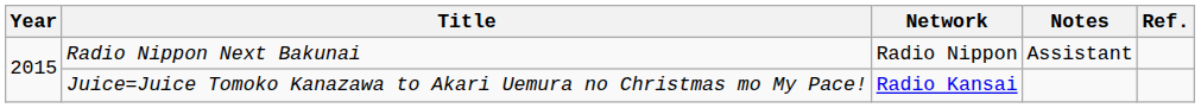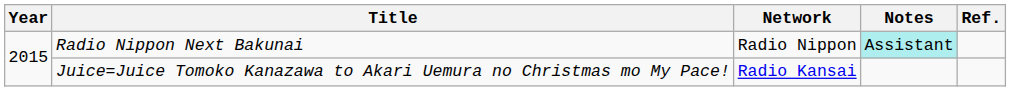 <table class="wikitable">
 <tr>
 <th>Year</th>
 <th>Title</th>
 <th>Network</th>
 <th>Notes</th>
 <th>Ref.</th>
 </tr>
 <tr>
 <td rowspan="2">2015</td>
 <td><em>Radio Nippon Next Bakunai</em></td>
 <td>Radio Nippon</td>
-<td>Assistant</td>
+<td style="background: paleturquoise;">Assistant</td>
 <td></td>
 </tr>
 <tr>
 <td><em>Juice=Juice Tomoko Kanazawa to Akari Uemura no Christmas mo My Pace!</em></td>
 <td><a href='#'>Radio Kansai</a></td>
 <td></td>
 <td></td>
 </tr>
 </table>
